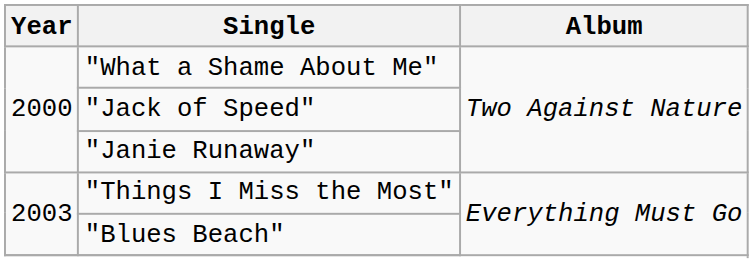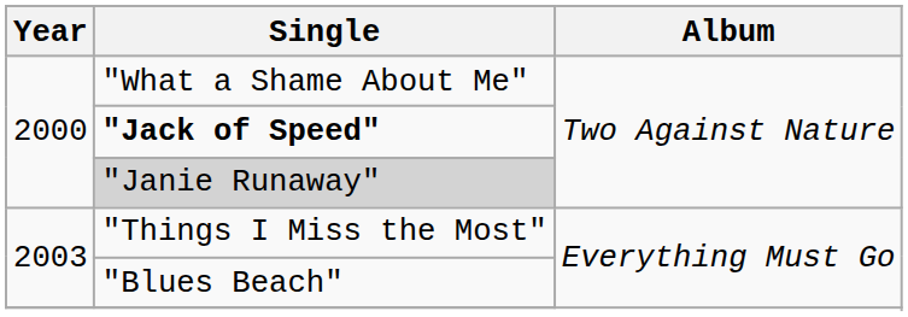 <table class="wikitable" style="text-align:center;">
 <tr>
 <th rowspan="1">Year</th>
 <th rowspan="1">Single</th>
 <th rowspan="1">Album</th>
 </tr>
 <tr>
 <td rowspan="3">2000</td>
 <td style="text-align:left;">"What a Shame About Me"</td>
 <td style="text-align:left;" rowspan="3"><em>Two Against Nature</em></td>
 </tr>
 <tr>
-<td style="text-align:left;">"Jack of Speed"</td>
+<td style="text-align:left;"><strong>"Jack of Speed"</strong></td>
 </tr>
 <tr>
-<td style="text-align:left;">"Janie Runaway"</td>
+<td style="background: lightgrey; text-align:left;">"Janie Runaway"</td>
 </tr>
 <tr>
 <td rowspan="2">2003</td>
 <td style="text-align:left;">"Things I Miss the Most"</td>
 <td style="text-align:left;" rowspan="3"><em>Everything Must Go</em></td>
 </tr>
 <tr>
 <td style="text-align:left;">"Blues Beach"</td>
 </tr>
 <tr>
 </tr>
 </table>
